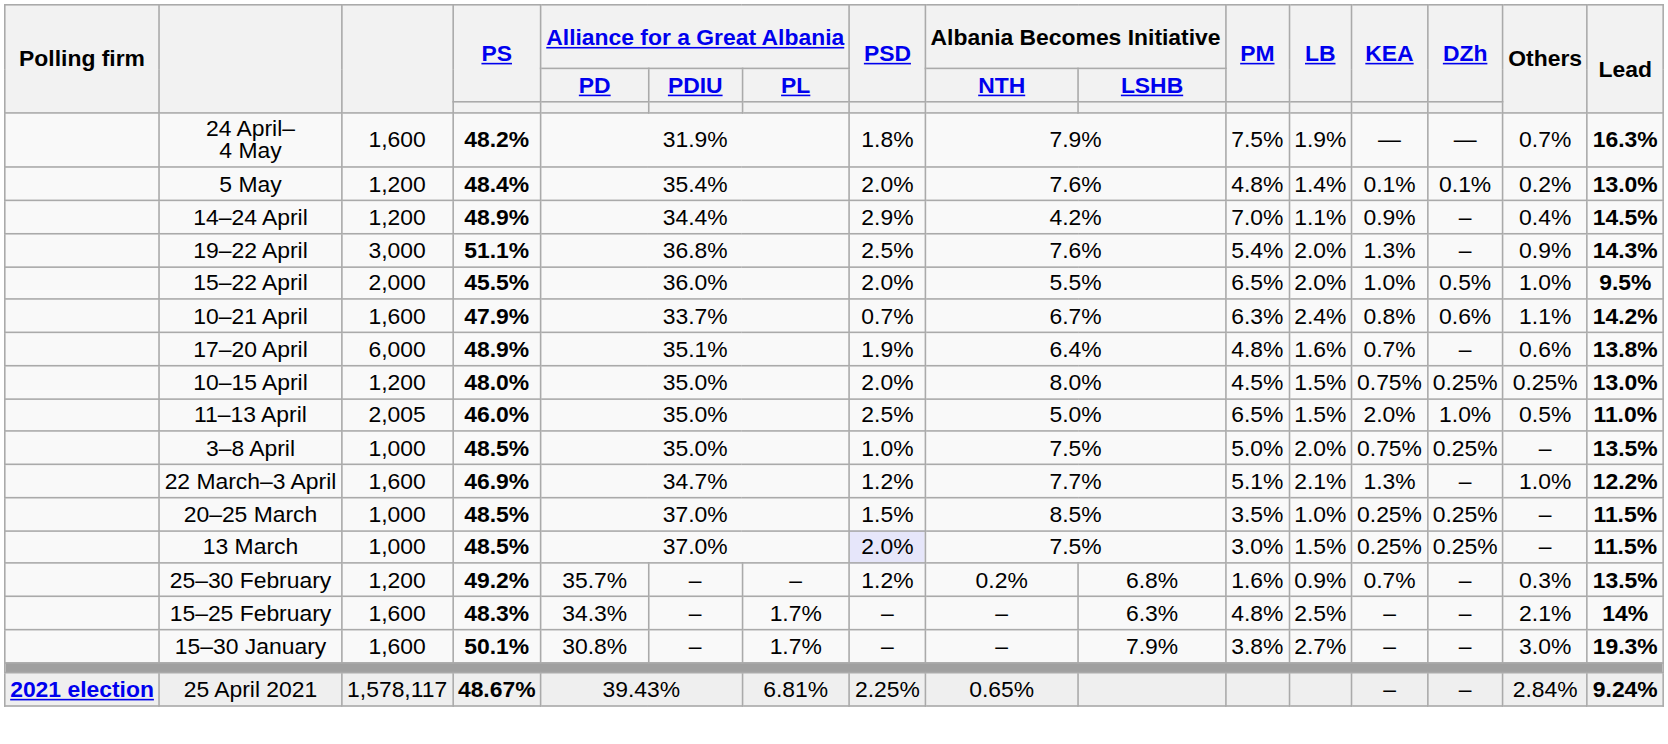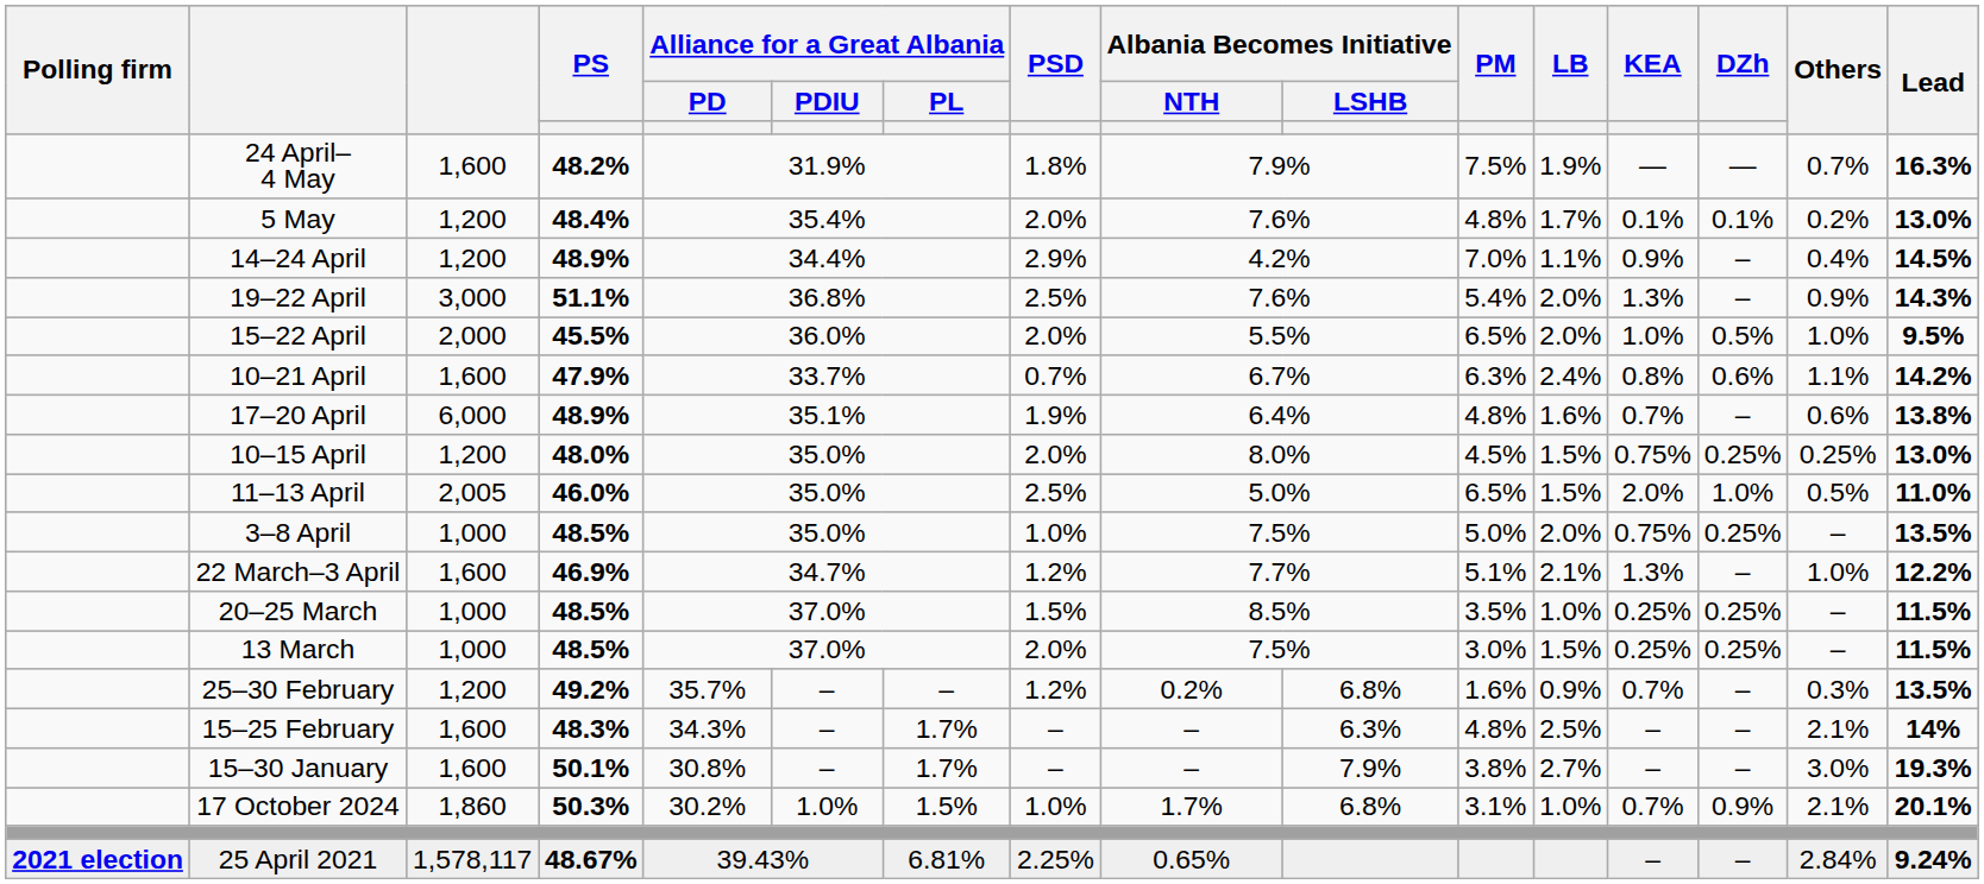 <table class="wikitable sortable tpl-blanktablele" style="text-align:center;font-size:90%;line-height:14px;">
 <tr style="height:40px;">
 <th rowspan="3">Polling firm</th>
 <th rowspan="3"></th>
 <th rowspan="3"></th>
 <th class="unsortable" style="width:40px;" rowspan=2><a href='#'>PS</a></th>
 <th colspan=3><a href='#'>Alliance for a Great Albania</a></th>
 <th class="unsortable" style="width:40px;" rowspan=2><a href='#'>PSD</a></th>
 <th colspan=2>Albania Becomes Initiative</th>
 <th rowspan="2" class="unsortable" style="width:30px;"><a href='#'>PM</a></th>
 <th rowspan="2" class="unsortable" style="width:30px;"><a href='#'>LB</a></th>
 <th class="unsortable" style="width:30px;"  rowspan=2><a href='#'>KEA</a></th>
 <th class="unsortable" style="width:30px;"  rowspan=2><a href='#'>DZh</a></th>
 <th class="unsortable" style="width:30px;"  rowspan=3>Others</th>
 <th style="width:30px;" rowspan=3><br>Lead</th>
 </tr>
 <tr>
 <th><a href='#'>PD</a></th>
 <th><a href='#'>PDIU</a></th>
 <th><a href='#'>PL</a></th>
 <th><a href='#'>NTH</a></th>
 <th><a href='#'>LSHB</a></th>
 </tr>
 <tr>
 <th style="background:"></th>
 <th style="background:"></th>
 <th style="background:"></th>
 <th style="background:"></th>
 <th style="background:"></th>
 <th style="background:"></th>
 <th style="background:"></th>
 <th style="background:"></th>
 <th style="background:"></th>
 <th style="background:"></th>
 <th style="background:"></th>
 </tr>
 <tr>
 <td></td>
 <td>24 April–<br>4 May</td>
 <td>1,600</td>
 <td><strong>48.2%</strong></td>
 <td colspan="3">31.9%</td>
 <td>1.8%</td>
 <td colspan="2">7.9%</td>
 <td>7.5%</td>
 <td>1.9%</td>
 <td>—</td>
 <td>—</td>
 <td>0.7%</td>
 <td style="background:"><strong>16.3%</strong></td>
 </tr>
 <tr>
 <td></td>
 <td>5 May</td>
 <td>1,200</td>
 <td><strong>48.4%</strong><br> </td>
 <td colspan="3">35.4%<br> </td>
 <td>2.0%<br> </td>
 <td colspan="2">7.6%<br> </td>
 <td>4.8%<br> </td>
-<td>1.4%<br> </td>
+<td>1.7%<br> </td>
 <td>0.1%<br> </td>
 <td>0.1%<br> </td>
 <td>0.2%</td>
 <td style="background:"><strong>13.0%</strong></td>
 </tr>
 <tr>
 <td></td>
 <td>14–24 April</td>
 <td>1,200</td>
 <td><strong>48.9%</strong></td>
 <td colspan="3">34.4%</td>
 <td>2.9%</td>
 <td colspan="2">4.2%</td>
 <td>7.0%</td>
 <td>1.1%</td>
 <td>0.9%</td>
 <td>–</td>
 <td>0.4%</td>
 <td style="background:"><strong>14.5%</strong></td>
 </tr>
 <tr>
 <td></td>
 <td>19–22 April</td>
 <td>3,000</td>
 <td><strong>51.1%</strong></td>
 <td colspan="3">36.8%</td>
 <td>2.5%</td>
 <td colspan="2">7.6%</td>
 <td>5.4%</td>
 <td>2.0%</td>
 <td>1.3%</td>
 <td>–</td>
 <td>0.9%</td>
 <td style="background:"><strong>14.3%</strong></td>
 </tr>
 <tr>
 <td></td>
 <td>15–22 April</td>
 <td>2,000</td>
 <td><strong>45.5%</strong></td>
 <td colspan="3">36.0%</td>
 <td>2.0%</td>
 <td colspan="2">5.5%</td>
 <td>6.5%</td>
 <td>2.0%</td>
 <td>1.0%</td>
 <td>0.5%</td>
 <td>1.0%</td>
 <td style="background:"><strong>9.5%</strong></td>
 </tr>
 <tr>
 <td></td>
 <td>10–21 April</td>
 <td>1,600</td>
 <td><strong>47.9%</strong></td>
 <td colspan="3">33.7%</td>
 <td>0.7%</td>
 <td colspan="2">6.7%</td>
 <td>6.3%</td>
 <td>2.4%</td>
 <td>0.8%</td>
 <td>0.6%</td>
 <td>1.1%</td>
 <td style="background:"><strong>14.2%</strong></td>
 </tr>
 <tr>
 <td></td>
 <td>17–20 April</td>
 <td>6,000</td>
 <td><strong>48.9%</strong></td>
 <td colspan="3">35.1%</td>
 <td>1.9%</td>
 <td colspan="2">6.4%</td>
 <td>4.8%</td>
 <td>1.6%</td>
 <td>0.7%</td>
 <td>–</td>
 <td>0.6%</td>
 <td style="background:"><strong>13.8%</strong></td>
 </tr>
 <tr>
 <td></td>
 <td>10–15 April</td>
 <td>1,200</td>
 <td><strong>48.0%</strong></td>
 <td colspan="3">35.0%</td>
 <td>2.0%</td>
 <td colspan="2">8.0%</td>
 <td>4.5%</td>
 <td>1.5%</td>
 <td>0.75%</td>
 <td>0.25%</td>
 <td>0.25%</td>
 <td style="background:"><strong>13.0%</strong></td>
 </tr>
 <tr>
 <td></td>
 <td>11–13 April</td>
 <td>2,005</td>
 <td><strong>46.0%</strong></td>
 <td colspan="3">35.0%</td>
 <td>2.5%</td>
 <td colspan="2">5.0%</td>
 <td>6.5%</td>
 <td>1.5%</td>
 <td>2.0%</td>
 <td>1.0%</td>
 <td>0.5%</td>
 <td style="background:"><strong>11.0%</strong></td>
 </tr>
 <tr>
 <td></td>
 <td>3–8 April</td>
 <td>1,000</td>
 <td><strong>48.5%</strong></td>
 <td colspan="3">35.0%</td>
 <td>1.0%</td>
 <td colspan="2">7.5%</td>
 <td>5.0%</td>
 <td>2.0%</td>
 <td>0.75%</td>
 <td>0.25%</td>
 <td>–</td>
 <td style="background:"><strong>13.5%</strong></td>
 </tr>
 <tr>
 <td></td>
 <td>22 March–3 April</td>
 <td>1,600</td>
 <td><strong>46.9%</strong></td>
 <td colspan="3">34.7%</td>
 <td>1.2%</td>
 <td colspan="2">7.7%</td>
 <td>5.1%</td>
 <td>2.1%</td>
 <td>1.3%</td>
 <td>–</td>
 <td>1.0%</td>
 <td style="background:"><strong>12.2%</strong></td>
 </tr>
 <tr>
 <td></td>
 <td>20–25 March</td>
 <td>1,000</td>
 <td><strong>48.5%</strong></td>
 <td colspan="3">37.0%</td>
 <td>1.5%</td>
 <td colspan="2">8.5%</td>
 <td>3.5%</td>
 <td>1.0%</td>
 <td>0.25%</td>
 <td>0.25%</td>
 <td>–</td>
 <td style="background:"><strong>11.5%</strong></td>
 </tr>
 <tr>
 <td></td>
 <td>13 March</td>
 <td>1,000</td>
 <td><strong>48.5%</strong></td>
 <td colspan="3">37.0%</td>
-<td style="background: lavender;">2.0%</td>
+<td>2.0%</td>
 <td colspan="2">7.5%</td>
 <td>3.0%</td>
 <td>1.5%</td>
 <td>0.25%</td>
 <td>0.25%</td>
 <td>–</td>
 <td style="background:"><strong>11.5%</strong></td>
 </tr>
 <tr>
 <td></td>
 <td>25–30 February</td>
 <td>1,200</td>
 <td><strong>49.2%</strong></td>
 <td>35.7%</td>
 <td>–</td>
 <td>–</td>
 <td>1.2%</td>
 <td>0.2%</td>
 <td>6.8%</td>
 <td>1.6%</td>
 <td>0.9%</td>
 <td>0.7%</td>
 <td>–</td>
 <td>0.3%</td>
 <td style="background:"><strong>13.5%</strong></td>
 </tr>
 <tr>
 <td></td>
 <td>15–25 February</td>
 <td>1,600</td>
 <td><strong>48.3%</strong></td>
 <td>34.3%</td>
 <td>–</td>
 <td>1.7%</td>
 <td>–</td>
 <td>–</td>
 <td>6.3%</td>
 <td>4.8%</td>
 <td>2.5%</td>
 <td>–</td>
 <td>–</td>
 <td>2.1%</td>
 <td style="background:"><strong>14%</strong></td>
 </tr>
 <tr>
 <td></td>
 <td>15–30 January</td>
 <td>1,600</td>
 <td><strong>50.1%</strong></td>
 <td>30.8%</td>
 <td>–</td>
 <td>1.7%</td>
 <td>–</td>
 <td>–</td>
 <td>7.9%</td>
 <td>3.8%</td>
 <td>2.7%</td>
 <td>–</td>
 <td>–</td>
 <td>3.0%</td>
 <td style="background:"><strong>19.3%</strong></td>
 </tr>
 <tr>
+<td></td>
+<td>17 October 2024</td>
+<td>1,860</td>
+<td><strong>50.3%</strong></td>
+<td>30.2%</td>
+<td>1.0%</td>
+<td>1.5%</td>
+<td>1.0%</td>
+<td>1.7%</td>
+<td>6.8%</td>
+<td>3.1%</td>
+<td>1.0%</td>
+<td>0.7%</td>
+<td>0.9%</td>
+<td>2.1%</td>
+<td style="background:"><strong>20.1%</strong></td>
+</tr>
+<tr>
 <td colspan="16" style="background:#A0A0A0"></td>
 </tr>
 <tr style="background:#EFEFEF">
 <td><strong><a href='#'>2021 election</a></strong></td>
 <td>25 April 2021</td>
 <td>1,578,117</td>
 <td><strong>48.67%</strong></td>
 <td colspan="2">39.43%</td>
 <td>6.81%</td>
 <td>2.25%</td>
 <td>0.65%</td>
 <td></td>
 <td></td>
 <td></td>
 <td>–</td>
 <td>–</td>
 <td>2.84%</td>
 <td style="background:"><strong>9.24%</strong></td>
 </tr>
 </table>
